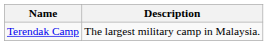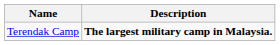 <table class="wikitable">
 <tr>
 <th>Name</th>
 <th>Description</th>
 </tr>
 <tr>
 <td><a href='#'>Terendak Camp</a></td>
-<td>The largest military camp in Malaysia.</td>
+<td><strong>The largest military camp in Malaysia.</strong></td>
 </tr>
 </table>
